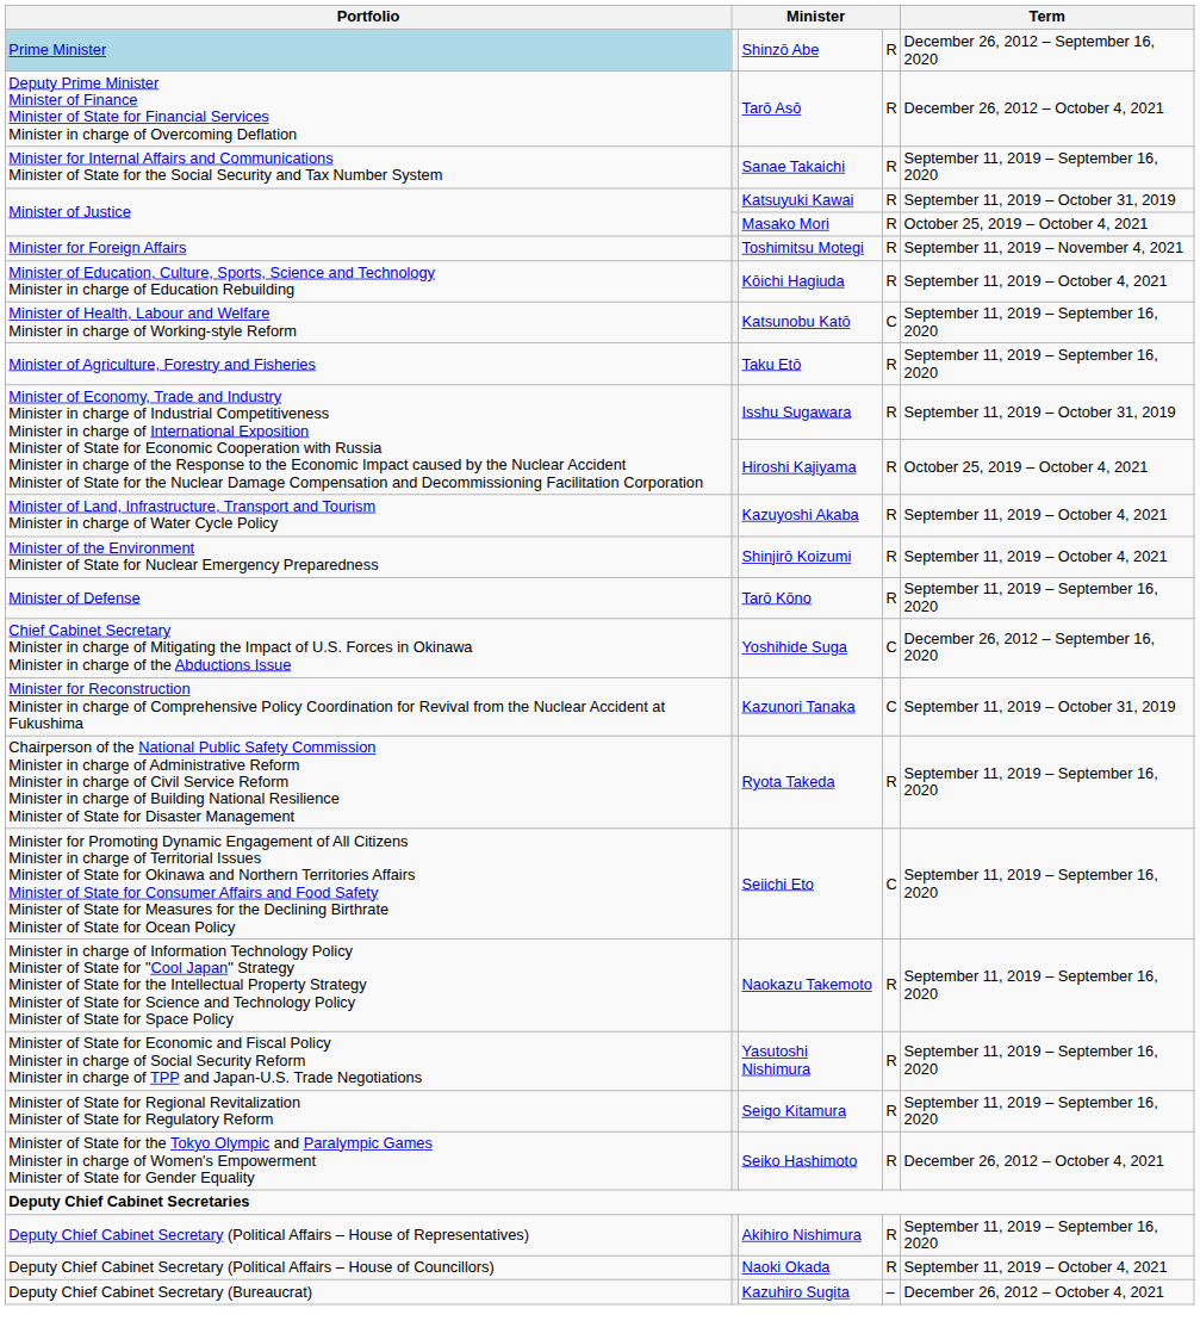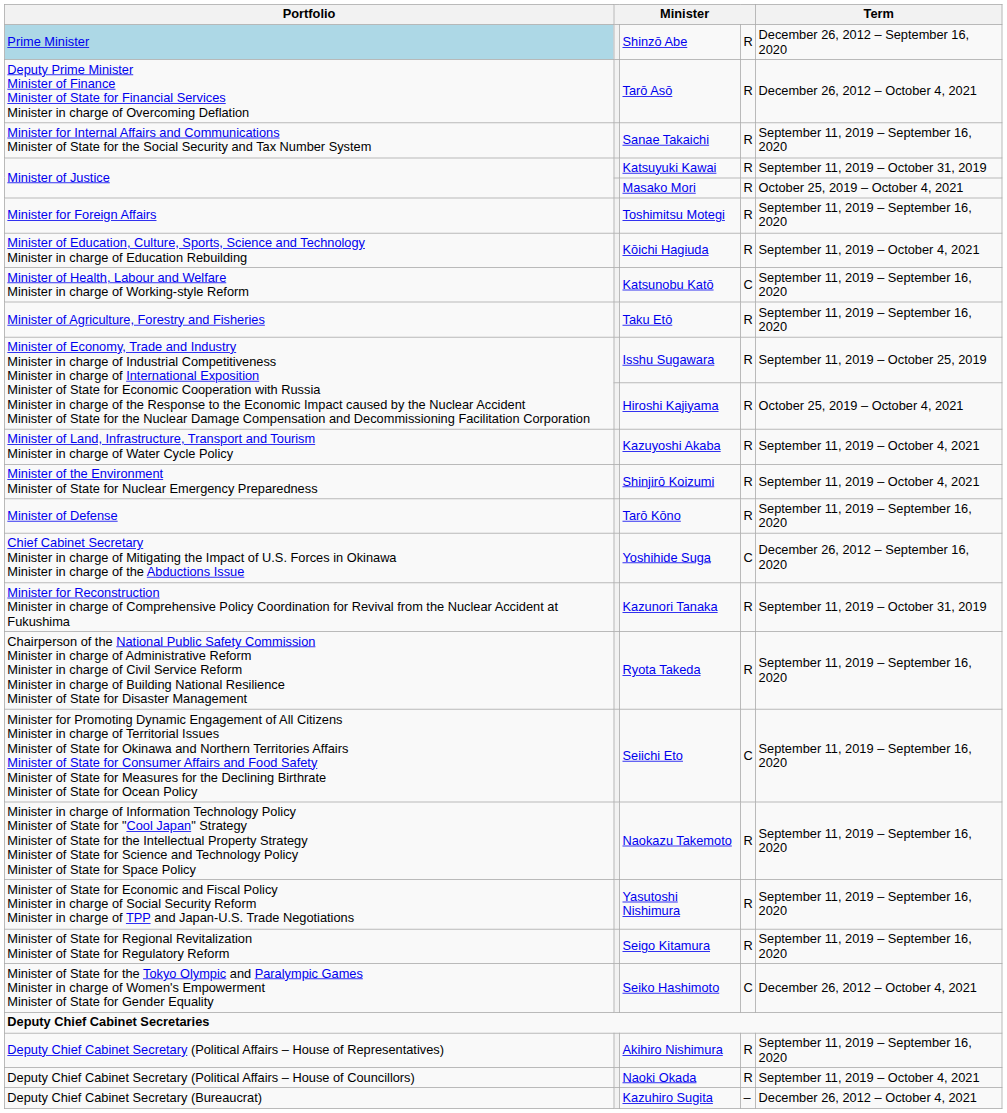 <table class="wikitable">
 <tr>
 <th>Portfolio</th>
 <th colspan=3>Minister</th>
 <th colspan=2>Term</th>
 </tr>
 <tr>
 <td style="background: lightblue;"><a href='#'>Prime Minister</a></td>
 <th style="color:inherit;background-color: "></th>
 <td><a href='#'>Shinzō Abe</a></td>
 <td>R</td>
 <td>December 26, 2012 – September 16, 2020</td>
 </tr>
 <tr>
 <td><a href='#'>Deputy Prime Minister</a><br><a href='#'>Minister of Finance</a><br><a href='#'>Minister of State for Financial Services</a><br>Minister in charge of Overcoming Deflation</td>
 <th style="color:inherit;background-color: "></th>
 <td><a href='#'>Tarō Asō</a></td>
 <td>R</td>
 <td>December 26, 2012 – October 4, 2021</td>
 </tr>
 <tr>
 <td><a href='#'>Minister for Internal Affairs and Communications</a><br>Minister of State for the Social Security and Tax Number System</td>
 <th style="color:inherit;background-color: "></th>
 <td><a href='#'>Sanae Takaichi</a></td>
 <td>R</td>
 <td>September 11, 2019 – September 16, 2020</td>
 </tr>
 <tr>
 <td rowspan=2><a href='#'>Minister of Justice</a></td>
 <th style="color:inherit;background-color: "></th>
 <td><a href='#'>Katsuyuki Kawai</a></td>
 <td>R</td>
 <td>September 11, 2019 – October 31, 2019</td>
 </tr>
 <tr>
 <th style="color:inherit;background-color: "></th>
 <td><a href='#'>Masako Mori</a></td>
 <td>R</td>
 <td>October 25, 2019 – October 4, 2021</td>
 </tr>
 <tr>
 <td><a href='#'>Minister for Foreign Affairs</a></td>
 <th style="color:inherit;background-color: "></th>
 <td><a href='#'>Toshimitsu Motegi</a></td>
 <td>R</td>
-<td>September 11, 2019 – November 4, 2021</td>
+<td>September 11, 2019 – September 16, 2020</td>
 </tr>
 <tr>
 <td><a href='#'>Minister of Education, Culture, Sports, Science and Technology</a><br>Minister in charge of Education Rebuilding</td>
 <th style="color:inherit;background-color: "></th>
 <td><a href='#'>Kōichi Hagiuda</a></td>
 <td>R</td>
 <td>September 11, 2019 – October 4, 2021</td>
 </tr>
 <tr>
 <td><a href='#'>Minister of Health, Labour and Welfare</a><br>Minister in charge of Working-style Reform</td>
 <th style="color:inherit;background-color: "></th>
 <td><a href='#'>Katsunobu Katō</a></td>
 <td>C</td>
 <td>September 11, 2019 – September 16, 2020</td>
 </tr>
 <tr>
 <td><a href='#'>Minister of Agriculture, Forestry and Fisheries</a></td>
 <th style="color:inherit;background-color: "></th>
 <td><a href='#'>Taku Etō</a></td>
 <td>R</td>
 <td>September 11, 2019 – September 16, 2020</td>
 </tr>
 <tr>
 <td rowspan=2><a href='#'>Minister of Economy, Trade and Industry</a><br>Minister in charge of Industrial Competitiveness<br>Minister in charge of <a href='#'>International Exposition</a><br>Minister of State for Economic Cooperation with Russia<br>Minister in charge of the Response to the Economic Impact caused by the Nuclear Accident<br>Minister of State for the Nuclear Damage Compensation and Decommissioning Facilitation Corporation</td>
 <th style="color:inherit;background-color: "></th>
 <td><a href='#'>Isshu Sugawara</a></td>
 <td>R</td>
-<td>September 11, 2019 – October 31, 2019</td>
+<td>September 11, 2019 – October 25, 2019</td>
 </tr>
 <tr>
 <th style="color:inherit;background-color: "></th>
 <td><a href='#'>Hiroshi Kajiyama</a></td>
 <td>R</td>
 <td>October 25, 2019 – October 4, 2021</td>
 </tr>
 <tr>
 <td><a href='#'>Minister of Land, Infrastructure, Transport and Tourism</a><br>Minister in charge of Water Cycle Policy</td>
 <th style="color:inherit;background-color: "></th>
 <td><a href='#'>Kazuyoshi Akaba</a></td>
 <td>R</td>
 <td>September 11, 2019 – October 4, 2021</td>
 </tr>
 <tr>
 <td><a href='#'>Minister of the Environment</a><br>Minister of State for Nuclear Emergency Preparedness</td>
 <th style="color:inherit;background-color: "></th>
 <td><a href='#'>Shinjirō Koizumi</a></td>
 <td>R</td>
 <td>September 11, 2019 – October 4, 2021</td>
 </tr>
 <tr>
 <td><a href='#'>Minister of Defense</a></td>
 <th style="color:inherit;background-color: "></th>
 <td><a href='#'>Tarō Kōno</a></td>
 <td>R</td>
 <td>September 11, 2019 – September 16, 2020</td>
 </tr>
 <tr>
 <td><a href='#'>Chief Cabinet Secretary</a><br>Minister in charge of Mitigating the Impact of U.S. Forces in Okinawa<br>Minister in charge of the <a href='#'>Abductions Issue</a></td>
 <th style="color:inherit;background-color: "></th>
 <td><a href='#'>Yoshihide Suga</a></td>
 <td>C</td>
 <td>December 26, 2012 – September 16, 2020</td>
 </tr>
 <tr>
 <td><a href='#'>Minister for Reconstruction</a><br>Minister in charge of Comprehensive Policy Coordination for Revival from the Nuclear Accident at Fukushima</td>
 <th style="color:inherit;background-color: "></th>
 <td><a href='#'>Kazunori Tanaka</a></td>
-<td>C</td>
+<td>R</td>
 <td>September 11, 2019 – October 31, 2019</td>
 </tr>
 <tr>
 <td>Chairperson of the <a href='#'>National Public Safety Commission</a><br>Minister in charge of Administrative Reform<br>Minister in charge of Civil Service Reform<br>Minister in charge of Building National Resilience<br>Minister of State for Disaster Management</td>
 <th style="color:inherit;background-color: "></th>
 <td><a href='#'>Ryota Takeda</a></td>
 <td>R</td>
 <td>September 11, 2019 – September 16, 2020</td>
 </tr>
 <tr>
 <td>Minister for Promoting Dynamic Engagement of All Citizens<br>Minister in charge of Territorial Issues<br>Minister of State for Okinawa and Northern Territories Affairs<br><a href='#'>Minister of State for Consumer Affairs and Food Safety</a><br>Minister of State for Measures for the Declining Birthrate<br>Minister of State for Ocean Policy</td>
 <th style="color:inherit;background-color: "></th>
 <td><a href='#'>Seiichi Eto</a></td>
 <td>C</td>
 <td>September 11, 2019 – September 16, 2020</td>
 </tr>
 <tr>
 <td>Minister in charge of Information Technology Policy<br>Minister of State for "<a href='#'>Cool Japan</a>" Strategy<br>Minister of State for the Intellectual Property Strategy<br>Minister of State for Science and Technology Policy<br>Minister of State for Space Policy</td>
 <th style="color:inherit;background-color: "></th>
 <td><a href='#'>Naokazu Takemoto</a></td>
 <td>R</td>
 <td>September 11, 2019 – September 16, 2020</td>
 </tr>
 <tr>
 <td>Minister of State for Economic and Fiscal Policy<br>Minister in charge of Social Security Reform<br>Minister in charge of <a href='#'>TPP</a> and Japan-U.S. Trade Negotiations</td>
 <th style="color:inherit;background-color: "></th>
 <td><a href='#'>Yasutoshi Nishimura</a></td>
 <td>R</td>
 <td>September 11, 2019 – September 16, 2020</td>
 </tr>
 <tr>
 <td>Minister of State for Regional Revitalization<br>Minister of State for Regulatory Reform</td>
 <th style="color:inherit;background-color: "></th>
 <td><a href='#'>Seigo Kitamura</a></td>
 <td>R</td>
 <td>September 11, 2019 – September 16, 2020</td>
 </tr>
 <tr>
 <td>Minister of State for the <a href='#'>Tokyo Olympic</a> and <a href='#'>Paralympic Games</a><br>Minister in charge of Women's Empowerment<br>Minister of State for Gender Equality</td>
 <th style="color:inherit;background-color: "></th>
 <td><a href='#'>Seiko Hashimoto</a></td>
-<td>R</td>
+<td>C</td>
 <td>December 26, 2012 – October 4, 2021</td>
 </tr>
 <tr>
 <td colspan=5><strong>Deputy Chief Cabinet Secretaries</strong></td>
 </tr>
 <tr>
 <td><a href='#'>Deputy Chief Cabinet Secretary</a> (Political Affairs – House of Representatives)</td>
 <th style="color:inherit;background-color: "></th>
 <td><a href='#'>Akihiro Nishimura</a></td>
 <td>R</td>
 <td>September 11, 2019 – September 16, 2020</td>
 </tr>
 <tr>
 <td>Deputy Chief Cabinet Secretary (Political Affairs – House of Councillors)</td>
 <th style="color:inherit;background-color: "></th>
 <td><a href='#'>Naoki Okada</a></td>
 <td>R</td>
 <td>September 11, 2019 – October 4, 2021</td>
 </tr>
 <tr>
 <td>Deputy Chief Cabinet Secretary (Bureaucrat)</td>
 <th style="color:inherit;background-color: "></th>
 <td><a href='#'>Kazuhiro Sugita</a></td>
 <td>–</td>
 <td>December 26, 2012 – October 4, 2021</td>
 </tr>
 </table>
